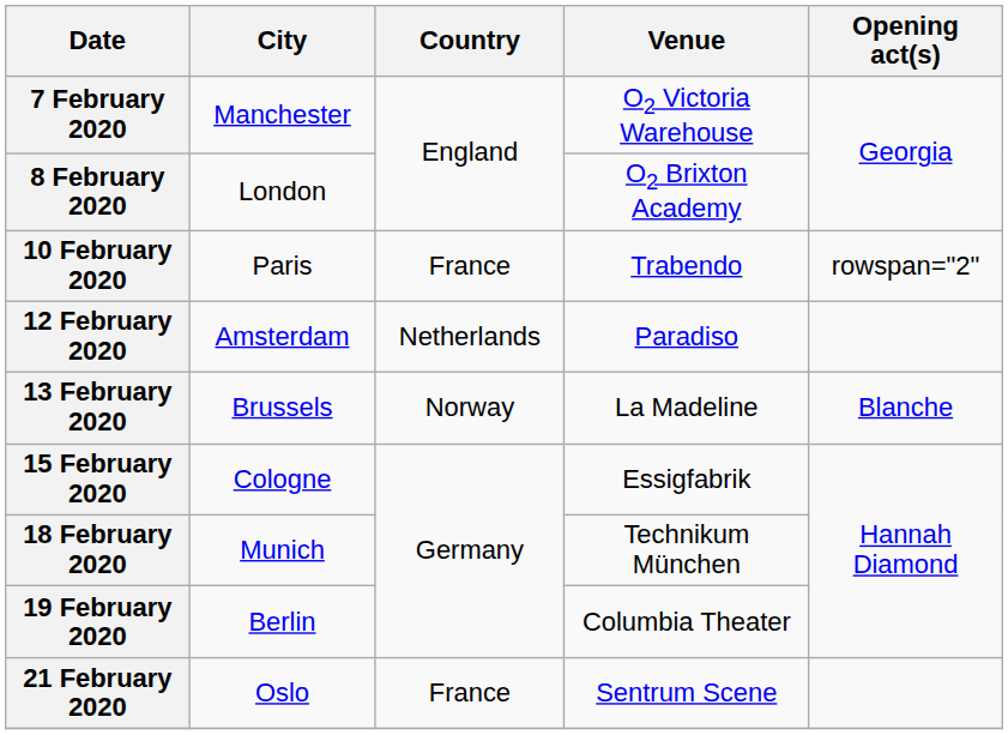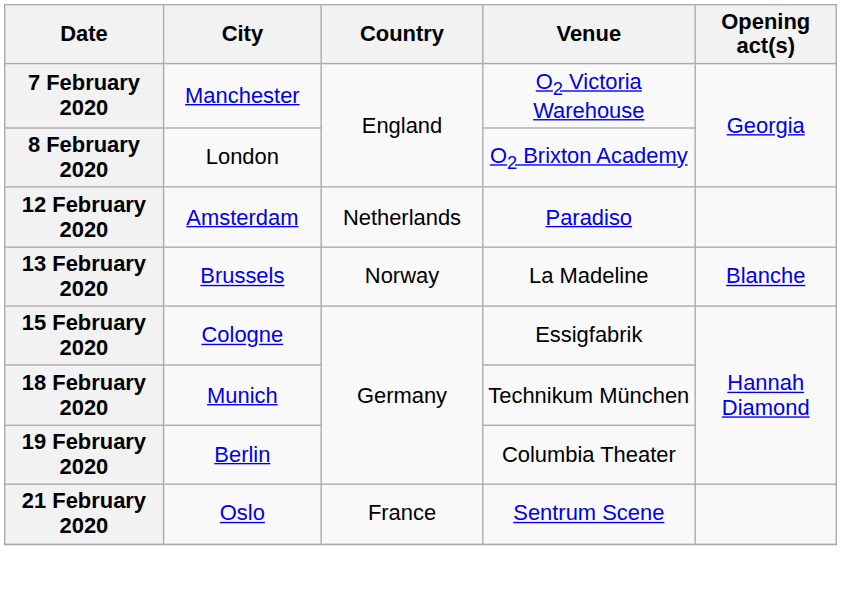 <table class="wikitable plainrowheaders" style="text-align:center;">
 <tr>
 <th scope="col" style="width:12em;">Date</th>
 <th scope="col" style="width:10em;">City</th>
 <th scope="col" style="width:10em;">Country</th>
 <th scope="col" style="width:18em;">Venue</th>
 <th scope="col" style="width:10em;">Opening act(s)</th>
 </tr>
 <tr>
 <th scope="row">7 February 2020</th>
 <td><a href='#'>Manchester</a></td>
 <td rowspan="2">England</td>
 <td><a href='#'>O<sub>2</sub> Victoria Warehouse</a></td>
 <td rowspan="2"><a href='#'>Georgia</a></td>
 </tr>
 <tr>
 <th scope="row">8 February 2020</th>
 <td>London</td>
 <td><a href='#'>O<sub>2</sub> Brixton Academy</a></td>
-</tr>
-<tr>
-<th scope="row">10 February 2020</th>
-<td>Paris</td>
-<td>France</td>
-<td><a href='#'>Trabendo</a></td>
-<td>rowspan="2" </td>
 </tr>
 <tr>
 <th scope="row">12 February 2020</th>
 <td><a href='#'>Amsterdam</a></td>
 <td>Netherlands</td>
 <td><a href='#'>Paradiso</a></td>
 </tr>
 <tr>
 <th scope="row">13 February 2020</th>
 <td><a href='#'>Brussels</a></td>
 <td>Norway</td>
 <td>La Madeline</td>
 <td><a href='#'>Blanche</a></td>
 </tr>
 <tr>
 <th scope="row">15 February 2020</th>
 <td><a href='#'>Cologne</a></td>
 <td rowspan="3">Germany</td>
 <td>Essigfabrik</td>
 <td rowspan="3"><a href='#'>Hannah Diamond</a></td>
 </tr>
 <tr>
 <th scope="row">18 February 2020</th>
 <td><a href='#'>Munich</a></td>
 <td>Technikum München</td>
 </tr>
 <tr>
 <th scope="row">19 February 2020</th>
 <td><a href='#'>Berlin</a></td>
 <td>Columbia Theater</td>
 </tr>
 <tr>
 <th scope="row">21 February 2020</th>
 <td><a href='#'>Oslo</a></td>
 <td>France</td>
 <td><a href='#'>Sentrum Scene</a></td>
 <td></td>
 </tr>
 <tr>
 </tr>
 </table>
